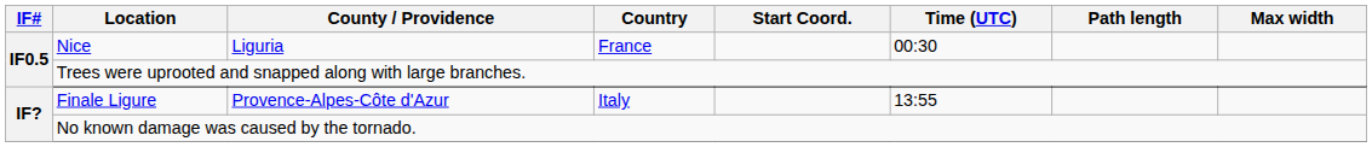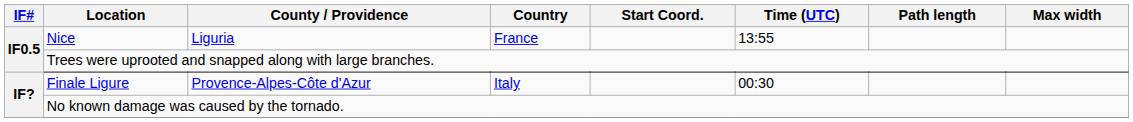 <table class="wikitable sortable" style="width:100%;">
 <tr>
 <th scope="col" width="2%" align="center"><a href='#'>IF#</a></th>
 <th scope="col" align="center" class="unsortable">Location</th>
 <th scope="col" align="center" class="unsortable">County / Providence</th>
 <th scope="col" align="center">Country</th>
 <th scope="col" align="center">Start Coord.</th>
 <th scope="col" align="center">Time (<a href='#'>UTC</a>)</th>
 <th scope="col" align="center">Path length</th>
 <th scope="col" align="center">Max width</th>
 </tr>
 <tr>
 <th scope="row" rowspan="2" style="background-color:#">IF0.5</th>
 <td><a href='#'>Nice</a></td>
 <td><a href='#'>Liguria</a></td>
 <td><a href='#'>France</a></td>
 <td></td>
-<td>00:30</td>
+<td>13:55</td>
 <td></td>
 <td></td>
 </tr>
 <tr class="expand-child">
 <td colspan="8" style=" border-bottom: 1px solid black;">Trees were uprooted and snapped along with large branches.</td>
 </tr>
 <tr>
 <th scope="row" rowspan="2" style="background-color:#">IF?</th>
 <td><a href='#'>Finale Ligure</a></td>
 <td><a href='#'>Provence-Alpes-Côte d'Azur</a></td>
 <td><a href='#'>Italy</a></td>
 <td></td>
-<td>13:55</td>
+<td>00:30</td>
 <td></td>
 <td></td>
 </tr>
 <tr class="expand-child">
 <td colspan="8" style=" border-bottom: 1px solid black;">No known damage was caused by the tornado.</td>
 </tr>
 <tr>
 </tr>
 </table>
